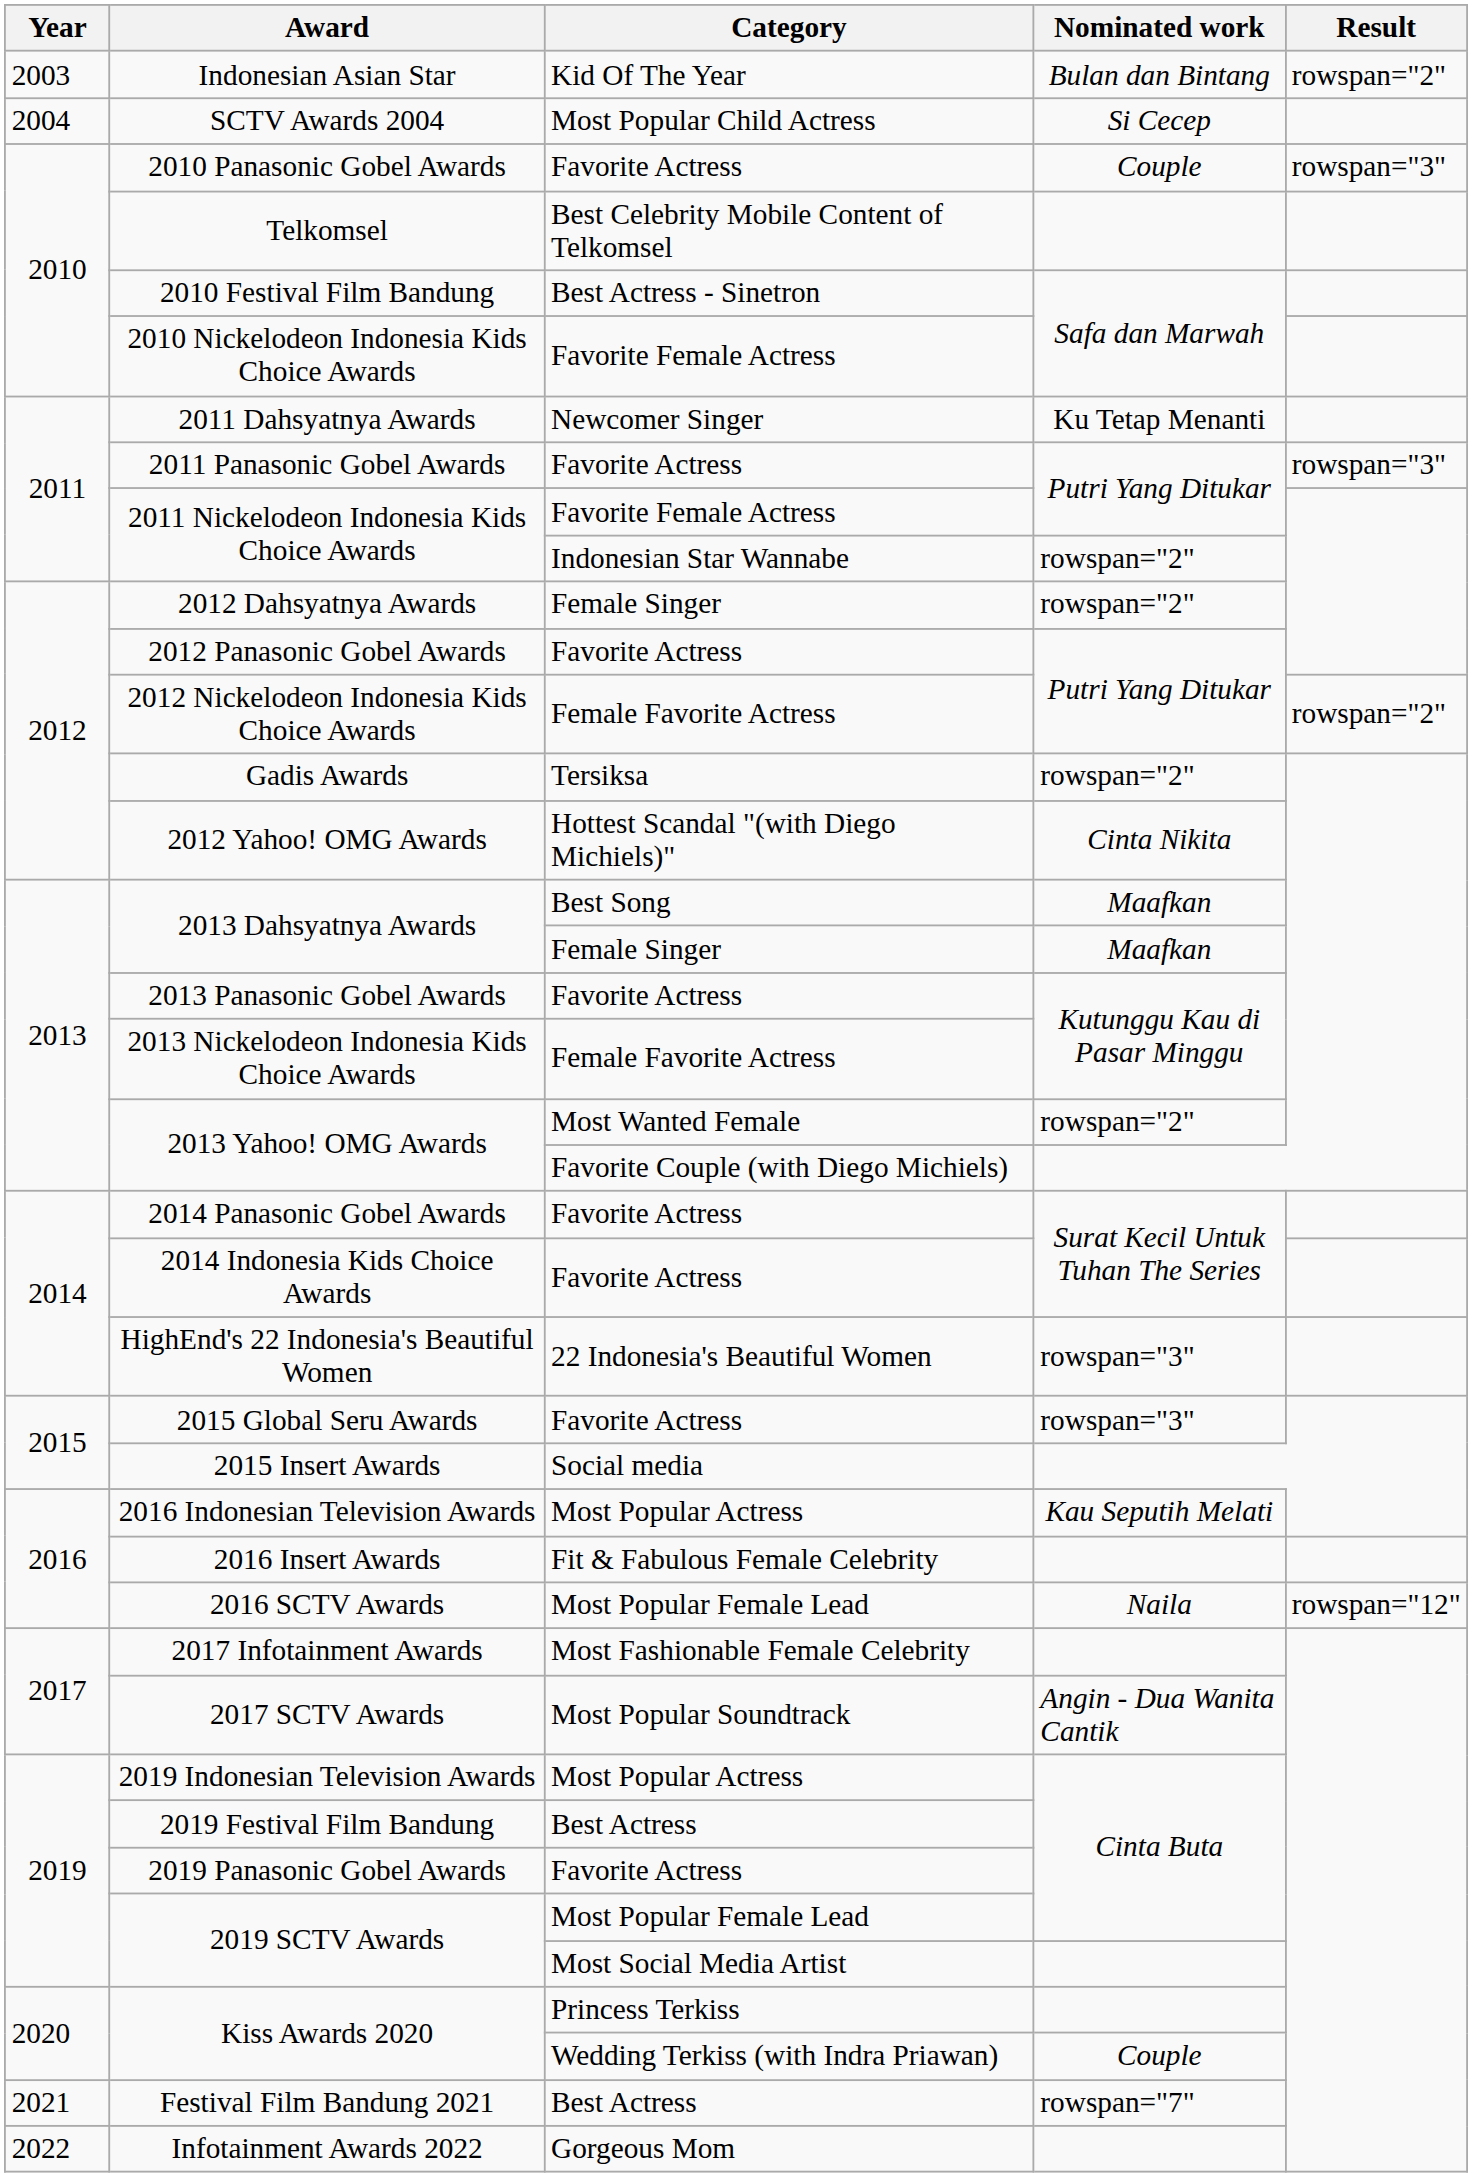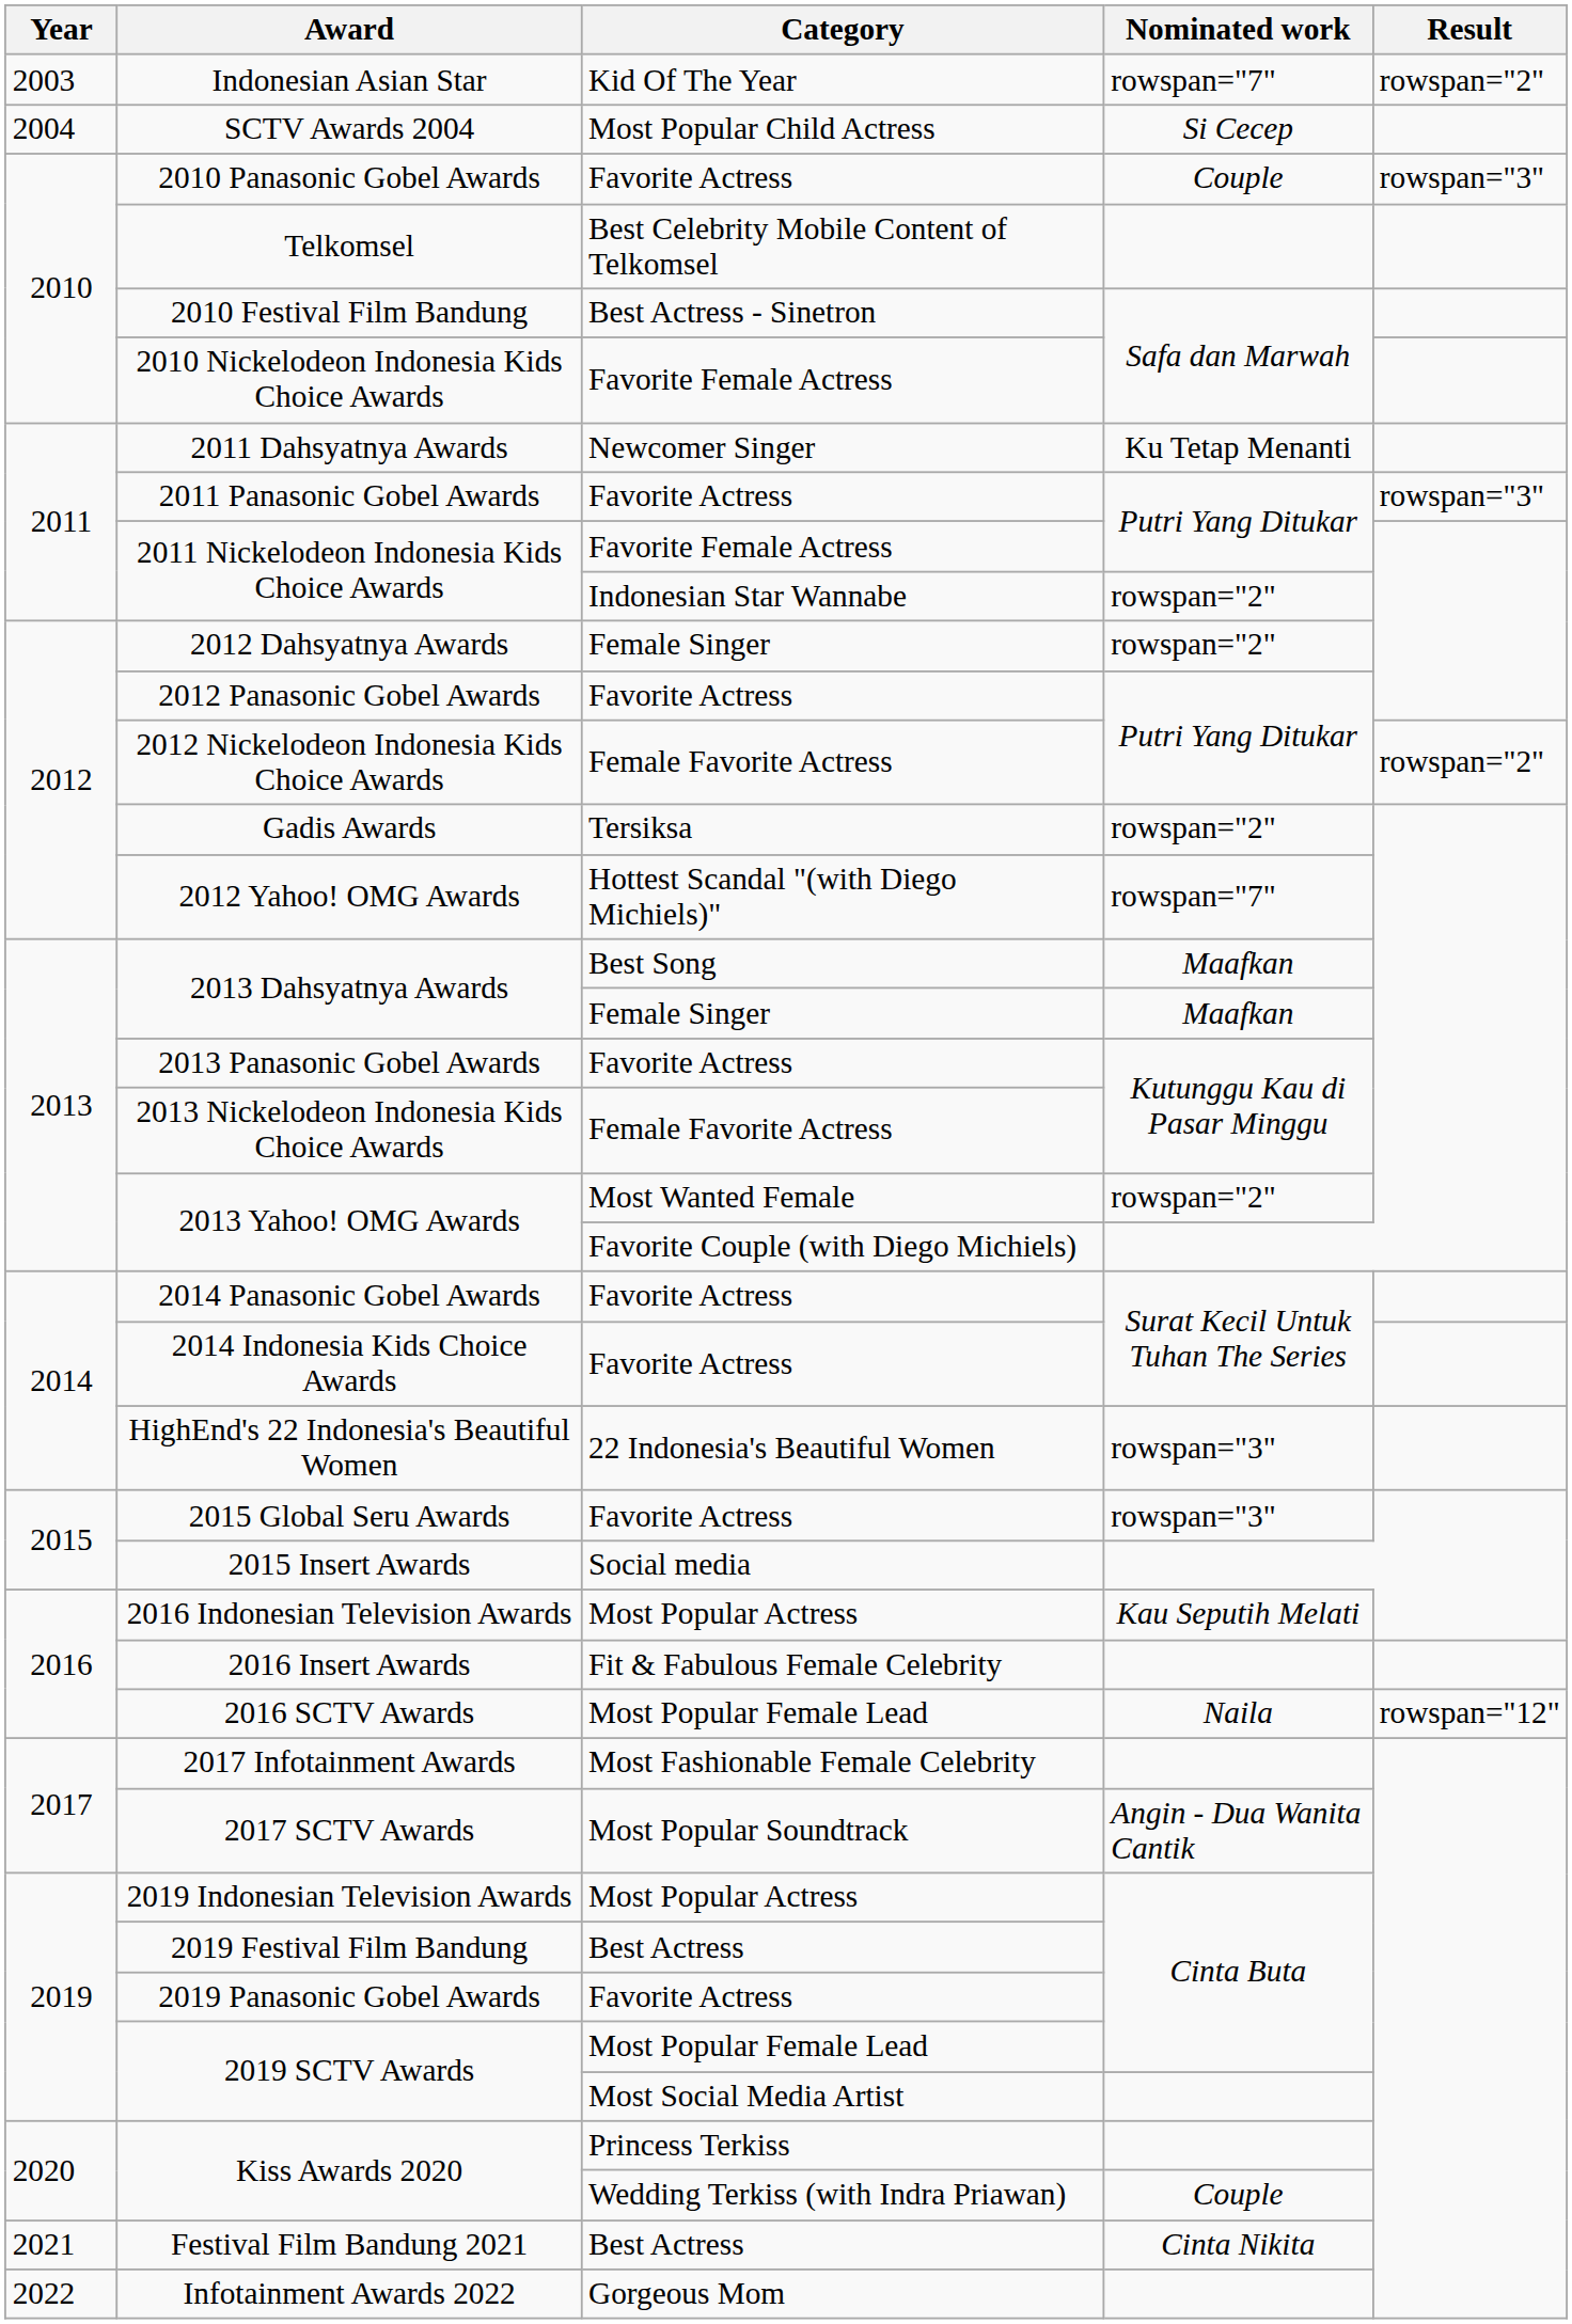 <table class="wikitable">
 <tr>
 <th style="width:50px;">Year</th>
 <th style="width:230px;">Award</th>
 <th style="width:260px;">Category</th>
 <th style="width:130px;">Nominated work</th>
 <th style="width:50px;">Result</th>
 </tr>
 <tr>
 <td>2003</td>
 <td style="text-align:center;">Indonesian Asian Star</td>
 <td>Kid Of The Year</td>
-<td style="text-align:center;"><em>Bulan dan Bintang</em></td>
+<td>rowspan="7" </td>
 <td>rowspan="2" </td>
 </tr>
 <tr>
 <td>2004</td>
 <td style="text-align:center;">SCTV Awards 2004</td>
 <td>Most Popular Child Actress</td>
 <td style="text-align:center;"><em>Si Cecep</em></td>
 </tr>
 <tr>
 <td rowspan="4" style="text-align:center;">2010</td>
 <td style="text-align:center;">2010 Panasonic Gobel Awards</td>
 <td>Favorite Actress</td>
 <td style="text-align:center;"><em>Couple</em></td>
 <td>rowspan="3" </td>
 </tr>
 <tr>
 <td style="text-align:center;">Telkomsel</td>
 <td>Best Celebrity Mobile Content of Telkomsel</td>
 <td></td>
 </tr>
 <tr>
 <td style="text-align:center;">2010 Festival Film Bandung</td>
 <td>Best Actress - Sinetron</td>
 <td rowspan="2" style="text-align:center;"><em>Safa dan Marwah</em></td>
 <td></td>
 </tr>
 <tr>
 <td style="text-align:center;">2010 Nickelodeon Indonesia Kids Choice Awards</td>
 <td>Favorite Female Actress</td>
 <td></td>
 </tr>
 <tr>
 <td rowspan="4" style="text-align:center;">2011</td>
 <td style="text-align:center;">2011 Dahsyatnya Awards</td>
 <td>Newcomer Singer</td>
 <td style="text-align:center;">Ku Tetap Menanti</td>
 <td></td>
 </tr>
 <tr>
 <td style="text-align:center;">2011 Panasonic Gobel Awards</td>
 <td>Favorite Actress</td>
 <td rowspan="2" style="text-align:center;"><em>Putri Yang Ditukar</em></td>
 <td>rowspan="3" </td>
 </tr>
 <tr>
 <td rowspan="2" style="text-align:center;">2011 Nickelodeon Indonesia Kids Choice Awards</td>
 <td>Favorite Female Actress</td>
 </tr>
 <tr>
 <td>Indonesian Star Wannabe</td>
 <td>rowspan="2" </td>
 </tr>
 <tr>
 <td rowspan="5" style="text-align:center;">2012</td>
 <td style="text-align:center;">2012 Dahsyatnya Awards</td>
 <td>Female Singer</td>
 <td>rowspan="2" </td>
 </tr>
 <tr>
 <td style="text-align:center;">2012 Panasonic Gobel Awards</td>
 <td>Favorite Actress</td>
 <td rowspan="2" style="text-align:center;"><em>Putri Yang Ditukar</em></td>
 </tr>
 <tr>
 <td style="text-align:center;">2012 Nickelodeon Indonesia Kids Choice Awards</td>
 <td>Female Favorite Actress</td>
 <td>rowspan="2" </td>
 </tr>
 <tr>
 <td style="text-align:center;">Gadis Awards</td>
 <td>Tersiksa</td>
 <td>rowspan="2" </td>
 </tr>
 <tr>
 <td style="text-align:center;">2012 Yahoo! OMG Awards</td>
 <td>Hottest Scandal "(with Diego Michiels)"</td>
-<td style="text-align:center;"><em>Cinta Nikita</em></td>
+<td>rowspan="7" </td>
 </tr>
 <tr>
 <td rowspan="6" style="text-align:center;">2013</td>
 <td rowspan="2" style="text-align:center;">2013 Dahsyatnya Awards</td>
 <td>Best Song</td>
 <td style="text-align:center;"><em>Maafkan</em></td>
 </tr>
 <tr>
 <td>Female Singer</td>
 <td style="text-align:center;"><em>Maafkan</em></td>
 </tr>
 <tr>
 <td style="text-align:center;">2013 Panasonic Gobel Awards</td>
 <td>Favorite Actress</td>
 <td rowspan="2" style="text-align:center;"><em>Kutunggu Kau di Pasar Minggu</em></td>
 </tr>
 <tr>
 <td style="text-align:center;">2013 Nickelodeon Indonesia Kids Choice Awards</td>
 <td>Female Favorite Actress</td>
 </tr>
 <tr>
 <td rowspan="2" style="text-align:center;">2013 Yahoo! OMG Awards</td>
 <td>Most Wanted Female</td>
 <td>rowspan="2" </td>
 </tr>
 <tr>
 <td>Favorite Couple (with Diego Michiels)</td>
 </tr>
 <tr>
 <td rowspan="3" style="text-align:center;">2014</td>
 <td style="text-align:center;">2014 Panasonic Gobel Awards</td>
 <td>Favorite Actress</td>
 <td rowspan="2" style="text-align:center;"><em>Surat Kecil Untuk Tuhan The Series</em></td>
 <td></td>
 </tr>
 <tr>
 <td style="text-align:center;">2014 Indonesia Kids Choice Awards</td>
 <td>Favorite Actress</td>
 <td></td>
 </tr>
 <tr>
 <td style="text-align:center;">HighEnd's 22 Indonesia's Beautiful Women</td>
 <td>22 Indonesia's Beautiful Women</td>
 <td>rowspan="3" </td>
 <td></td>
 </tr>
 <tr>
 <td rowspan="2" style="text-align:center;">2015</td>
 <td style="text-align:center;">2015 Global Seru Awards</td>
 <td>Favorite Actress</td>
 <td>rowspan="3" </td>
 </tr>
 <tr>
 <td style="text-align:center;">2015 Insert Awards</td>
 <td>Social media</td>
 </tr>
 <tr>
 <td rowspan="3" style="text-align:center;">2016</td>
 <td style="text-align:center;">2016 Indonesian Television Awards</td>
 <td>Most Popular Actress</td>
 <td style="text-align:center;"><em>Kau Seputih Melati</em></td>
 </tr>
 <tr>
 <td style="text-align:center;">2016 Insert Awards</td>
 <td>Fit & Fabulous Female Celebrity</td>
 <td></td>
 <td></td>
 </tr>
 <tr>
 <td style="text-align:center;">2016 SCTV Awards</td>
 <td>Most Popular Female Lead</td>
 <td style="text-align:center;"><em>Naila</em></td>
 <td>rowspan="12" </td>
 </tr>
 <tr>
 <td rowspan="2" style="text-align:center;">2017</td>
 <td style="text-align:center;">2017 Infotainment Awards</td>
 <td>Most Fashionable Female Celebrity</td>
 <td></td>
 </tr>
 <tr>
 <td style="text-align:center;">2017 SCTV Awards</td>
 <td>Most Popular Soundtrack</td>
 <td><em>Angin - Dua Wanita Cantik</em></td>
 </tr>
 <tr>
 <td rowspan="5" style="text-align:center;">2019</td>
 <td style="text-align:center;">2019 Indonesian Television Awards</td>
 <td>Most Popular Actress</td>
 <td rowspan="4" style="text-align:center;"><em>Cinta Buta</em></td>
 </tr>
 <tr>
 <td style="text-align:center;">2019 Festival Film Bandung</td>
 <td>Best Actress</td>
 </tr>
 <tr>
 <td style="text-align:center;">2019 Panasonic Gobel Awards</td>
 <td>Favorite Actress</td>
 </tr>
 <tr>
 <td rowspan="2" style="text-align:center;">2019 SCTV Awards</td>
 <td>Most Popular Female Lead</td>
 </tr>
 <tr>
 <td>Most Social Media Artist</td>
 <td></td>
 </tr>
 <tr>
 <td rowspan="2">2020</td>
 <td rowspan="2" style="text-align:center;">Kiss Awards 2020</td>
 <td>Princess Terkiss</td>
 <td></td>
 </tr>
 <tr>
 <td>Wedding Terkiss (with Indra Priawan)</td>
 <td style="text-align:center;"><em>Couple</em></td>
 </tr>
 <tr>
 <td>2021</td>
 <td style="text-align:center;">Festival Film Bandung 2021</td>
 <td>Best Actress</td>
-<td>rowspan="7" </td>
+<td style="text-align:center;"><em>Cinta Nikita</em></td>
 </tr>
 <tr>
 <td>2022</td>
 <td style="text-align:center;">Infotainment Awards 2022</td>
 <td>Gorgeous Mom</td>
 <td></td>
 </tr>
 </table>
